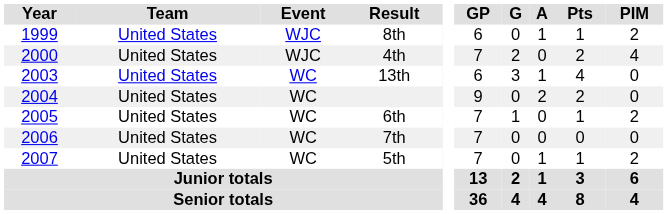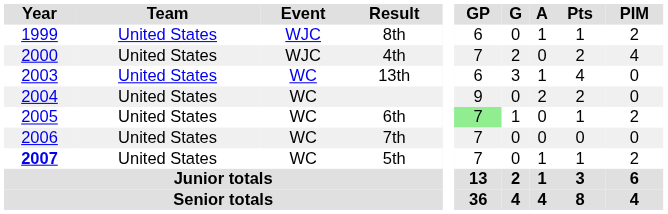 <table border="0" cellpadding="1" cellspacing="0" style="text-align:center; width:40em">
 <tr ALIGN="center" bgcolor="#e0e0e0">
 <th>Year</th>
 <th>Team</th>
 <th>Event</th>
 <th>Result</th>
 <th rowspan="99" bgcolor="#ffffff"> </th>
 <th>GP</th>
 <th>G</th>
 <th>A</th>
 <th>Pts</th>
 <th>PIM</th>
 </tr>
 <tr>
 <td><a href='#'>1999</a></td>
 <td><a href='#'>United States</a></td>
 <td><a href='#'>WJC</a></td>
 <td>8th</td>
 <td>6</td>
 <td>0</td>
 <td>1</td>
 <td>1</td>
 <td>2</td>
 </tr>
 <tr bgcolor="#f0f0f0">
 <td><a href='#'>2000</a></td>
 <td>United States</td>
 <td>WJC</td>
 <td>4th</td>
 <td>7</td>
 <td>2</td>
 <td>0</td>
 <td>2</td>
 <td>4</td>
 </tr>
 <tr>
 <td><a href='#'>2003</a></td>
 <td><a href='#'>United States</a></td>
 <td><a href='#'>WC</a></td>
 <td>13th</td>
 <td>6</td>
 <td>3</td>
 <td>1</td>
 <td>4</td>
 <td>0</td>
 </tr>
 <tr bgcolor="#f0f0f0">
 <td><a href='#'>2004</a></td>
 <td>United States</td>
 <td>WC</td>
 <td></td>
 <td>9</td>
 <td>0</td>
 <td>2</td>
 <td>2</td>
 <td>0</td>
 </tr>
 <tr>
 <td><a href='#'>2005</a></td>
 <td>United States</td>
 <td>WC</td>
 <td>6th</td>
-<td>7</td>
+<td style="background: lightgreen;">7</td>
 <td>1</td>
 <td>0</td>
 <td>1</td>
 <td>2</td>
 </tr>
 <tr bgcolor="#f0f0f0">
 <td><a href='#'>2006</a></td>
 <td>United States</td>
 <td>WC</td>
 <td>7th</td>
 <td>7</td>
 <td>0</td>
 <td>0</td>
 <td>0</td>
 <td>0</td>
 </tr>
 <tr>
-<td><a href='#'>2007</a></td>
+<td><strong><a href='#'>2007</a></strong></td>
 <td>United States</td>
 <td>WC</td>
 <td>5th</td>
 <td>7</td>
 <td>0</td>
 <td>1</td>
 <td>1</td>
 <td>2</td>
 </tr>
 <tr bgcolor="#e0e0e0">
 <th colspan=4>Junior totals</th>
 <th>13</th>
 <th>2</th>
 <th>1</th>
 <th>3</th>
 <th>6</th>
 </tr>
 <tr bgcolor="#e0e0e0">
 <th colspan=4>Senior totals</th>
 <th>36</th>
 <th>4</th>
 <th>4</th>
 <th>8</th>
 <th>4</th>
 </tr>
 </table>
